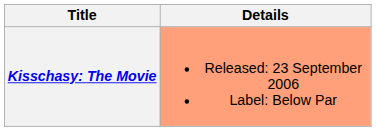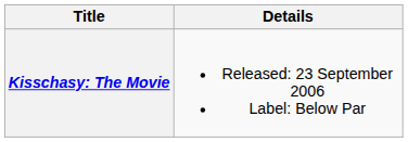 <table class="wikitable plainrowheaders" style="text-align:center;">
 <tr>
 <th>Title</th>
 <th width="230">Details</th>
 </tr>
 <tr>
 <th scope="row"><em><a href='#'>Kisschasy: The Movie</a></em></th>
-<td style="background: lightsalmon;"><br><ul><li>Released: 23 September 2006</li><li>Label: Below Par</li></ul></td>
+<td><br><ul><li>Released: 23 September 2006</li><li>Label: Below Par</li></ul></td>
 </tr>
 </table>
